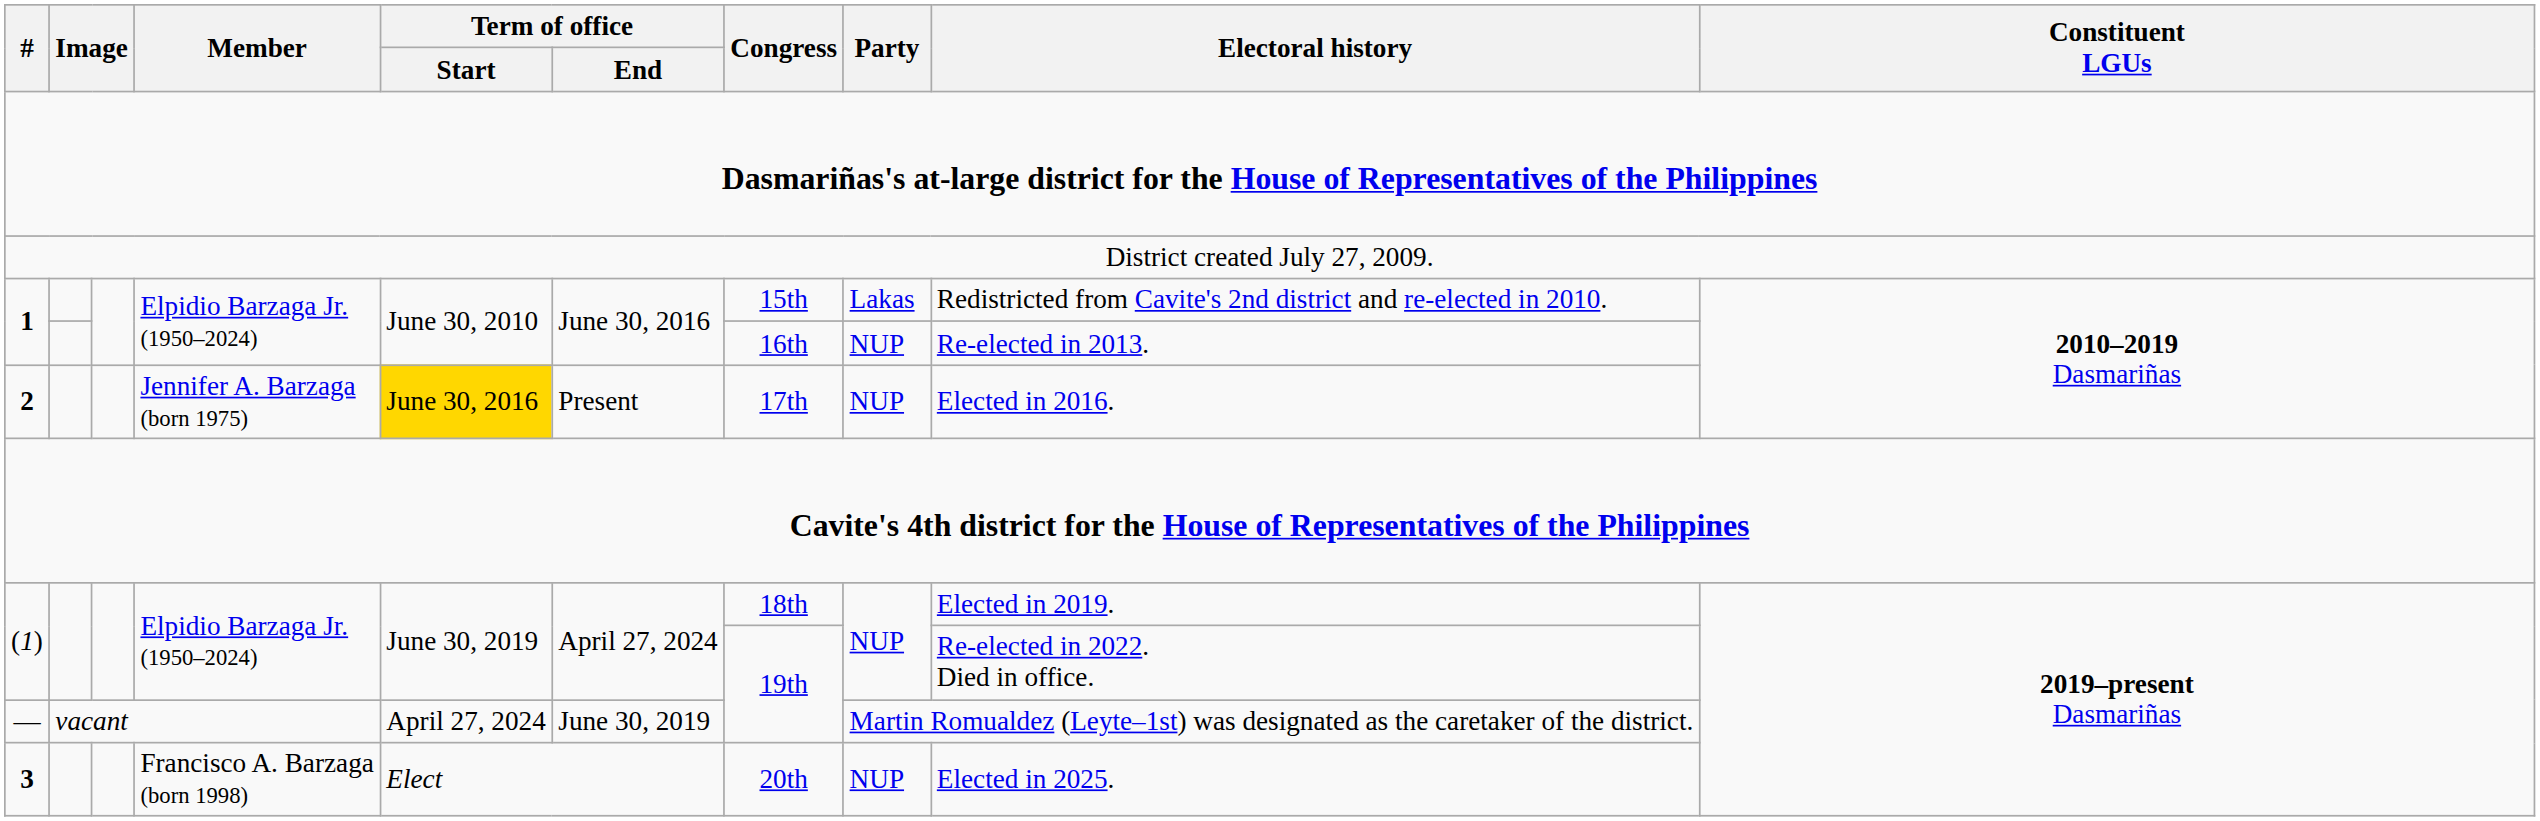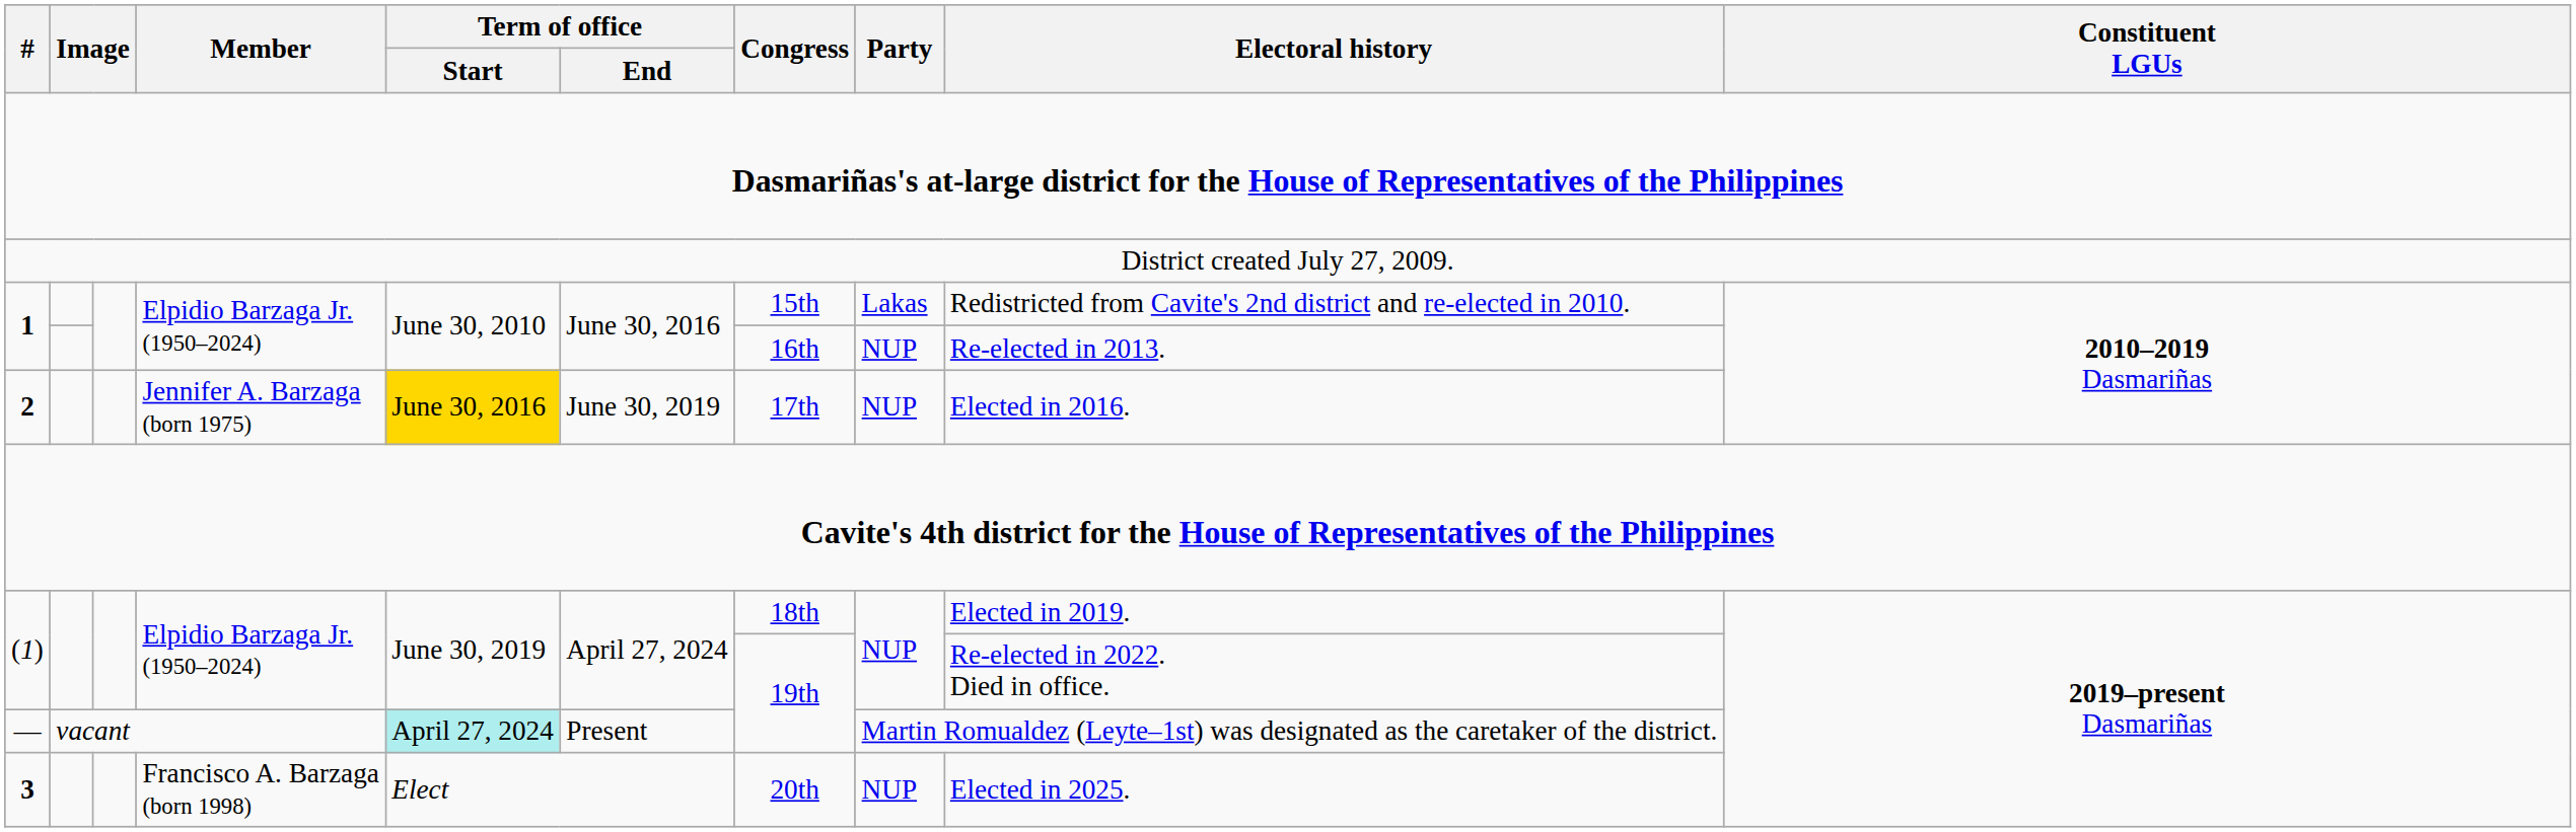 <table class="wikitable">
 <tr>
 <th rowspan="2">#</th>
 <th rowspan="2" colspan="2">Image</th>
 <th rowspan="2">Member</th>
 <th colspan="2">Term of office</th>
 <th rowspan="2">Congress</th>
 <th rowspan="2">Party</th>
 <th rowspan="2">Electoral history</th>
 <th rowspan="2" width="33%">Constituent<br><a href='#'>LGUs</a></th>
 </tr>
 <tr>
 <th>Start</th>
 <th>End</th>
 </tr>
 <tr>
 <td colspan="10" style="text-align:center;"><br><h3>Dasmariñas's at-large district for the <a href='#'>House of Representatives of the Philippines</a></h3></td>
 </tr>
 <tr>
 <td colspan="10" style="text-align:center;">District created July 27, 2009.</td>
 </tr>
 <tr>
 <td style="text-align:center;" rowspan="2"><strong>1</strong></td>
 <td style="color:inherit;background:"></td>
 <td rowspan="2"></td>
 <td rowspan="2"><a href='#'>Elpidio Barzaga Jr.</a><br><small>(1950–2024)</small></td>
 <td rowspan="2">June 30, 2010</td>
 <td rowspan="2">June 30, 2016</td>
 <td style="text-align:center;"><a href='#'>15th</a></td>
 <td><a href='#'>Lakas</a></td>
 <td>Redistricted from <a href='#'>Cavite's 2nd district</a> and <a href='#'>re-elected in 2010</a>. </td>
 <td rowspan="3" style="text-align:center;"><strong>2010–2019</strong><br><a href='#'>Dasmariñas</a></td>
 </tr>
 <tr>
 <td style="color:inherit;background:"></td>
 <td style="text-align:center;"><a href='#'>16th</a></td>
 <td><a href='#'>NUP</a></td>
 <td><a href='#'>Re-elected in 2013</a>.</td>
 </tr>
 <tr>
 <td style="text-align:center;"><strong>2</strong></td>
 <td style="color:inherit;background:"></td>
 <td></td>
 <td><a href='#'>Jennifer A. Barzaga</a><br><small>(born 1975)</small></td>
 <td style="background: gold;">June 30, 2016</td>
-<td>Present</td>
+<td>June 30, 2019</td>
 <td style="text-align:center;"><a href='#'>17th</a></td>
 <td><a href='#'>NUP</a></td>
 <td><a href='#'>Elected in 2016</a>.</td>
 </tr>
 <tr>
 <td colspan="10" style="text-align:center;"><br><h3>Cavite's 4th district for the <a href='#'>House of Representatives of the Philippines</a></h3></td>
 </tr>
 <tr>
 <td style="text-align:center;" rowspan="2">(<em>1</em>)</td>
 <td rowspan="2" style="color:inherit;background:"></td>
 <td rowspan="2"></td>
 <td rowspan="2"><a href='#'>Elpidio Barzaga Jr.</a><br><small>(1950–2024)</small></td>
 <td rowspan="2">June 30, 2019</td>
 <td rowspan="2">April 27, 2024</td>
 <td style="text-align:center;"><a href='#'>18th</a></td>
 <td rowspan="2"><a href='#'>NUP</a></td>
 <td><a href='#'>Elected in 2019</a>.</td>
 <td rowspan="4" style="text-align:center;"><strong>2019–present</strong><br><a href='#'>Dasmariñas</a></td>
 </tr>
 <tr>
 <td style="text-align:center;" rowspan="2"><a href='#'>19th</a></td>
 <td><a href='#'>Re-elected in 2022</a>.<br>Died in office.</td>
 </tr>
 <tr>
 <td style="text-align:center;">—</td>
 <td colspan=3><em>vacant</em></td>
-<td>April 27, 2024</td>
-<td>June 30, 2019</td>
+<td style="background: paleturquoise;">April 27, 2024</td>
+<td>Present</td>
 <td colspan="2"><a href='#'>Martin Romualdez</a> (<a href='#'>Leyte–1st</a>) was designated as the caretaker of the district.</td>
 </tr>
 <tr>
 <td style="text-align:center;"><strong>3</strong></td>
 <td style="color:inherit;background:"></td>
 <td></td>
 <td>Francisco A. Barzaga<br><small>(born 1998)</small></td>
 <td colspan="2"><em>Elect</em></td>
 <td style="text-align:center;"><a href='#'>20th</a></td>
 <td><a href='#'>NUP</a></td>
 <td><a href='#'>Elected in 2025</a>.</td>
 </tr>
 </table>
